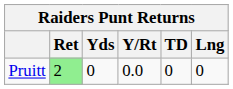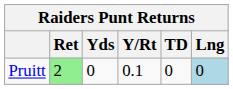 <table class="wikitable">
 <tr>
 <th colspan="6">Raiders Punt Returns</th>
 </tr>
 <tr>
 <th></th>
 <th>Ret</th>
 <th>Yds</th>
 <th>Y/Rt</th>
 <th>TD</th>
 <th>Lng</th>
 </tr>
 <tr>
 <td><a href='#'>Pruitt</a></td>
 <td style="background: lightgreen;">2</td>
 <td>0</td>
-<td>0.0</td>
+<td>0.1</td>
 <td>0</td>
-<td>0</td>
+<td style="background: lightblue;">0</td>
 </tr>
 </table>
